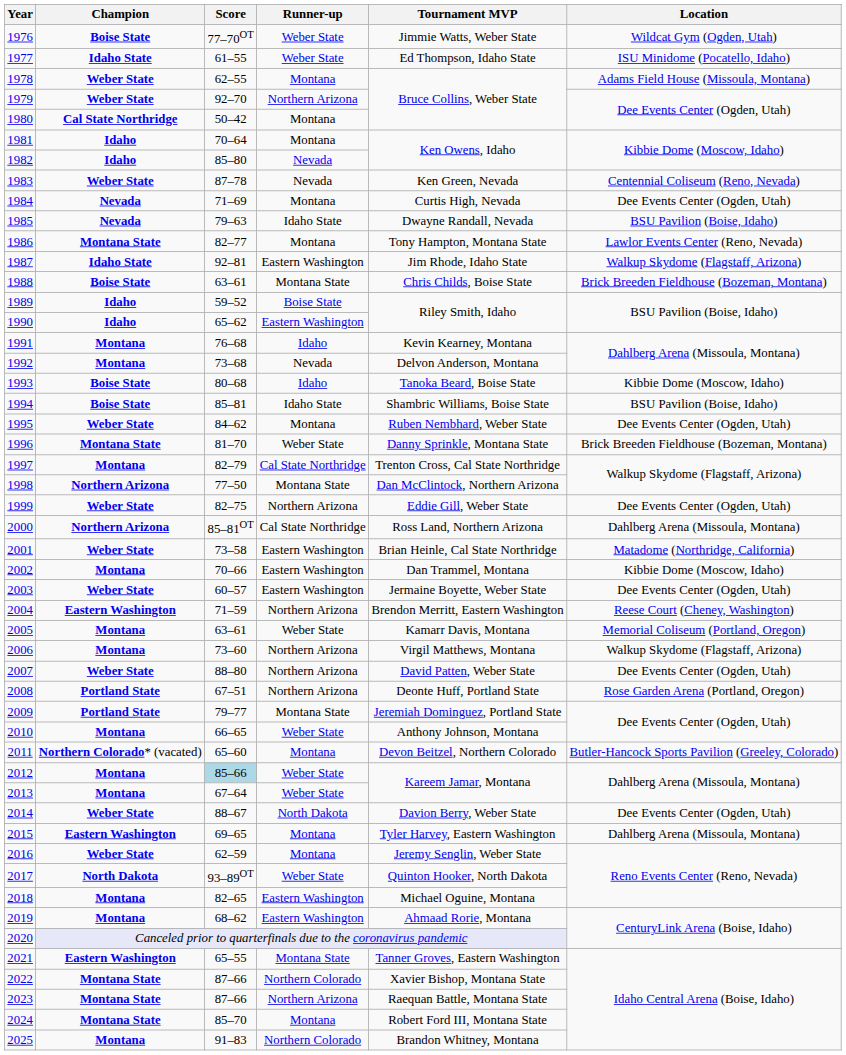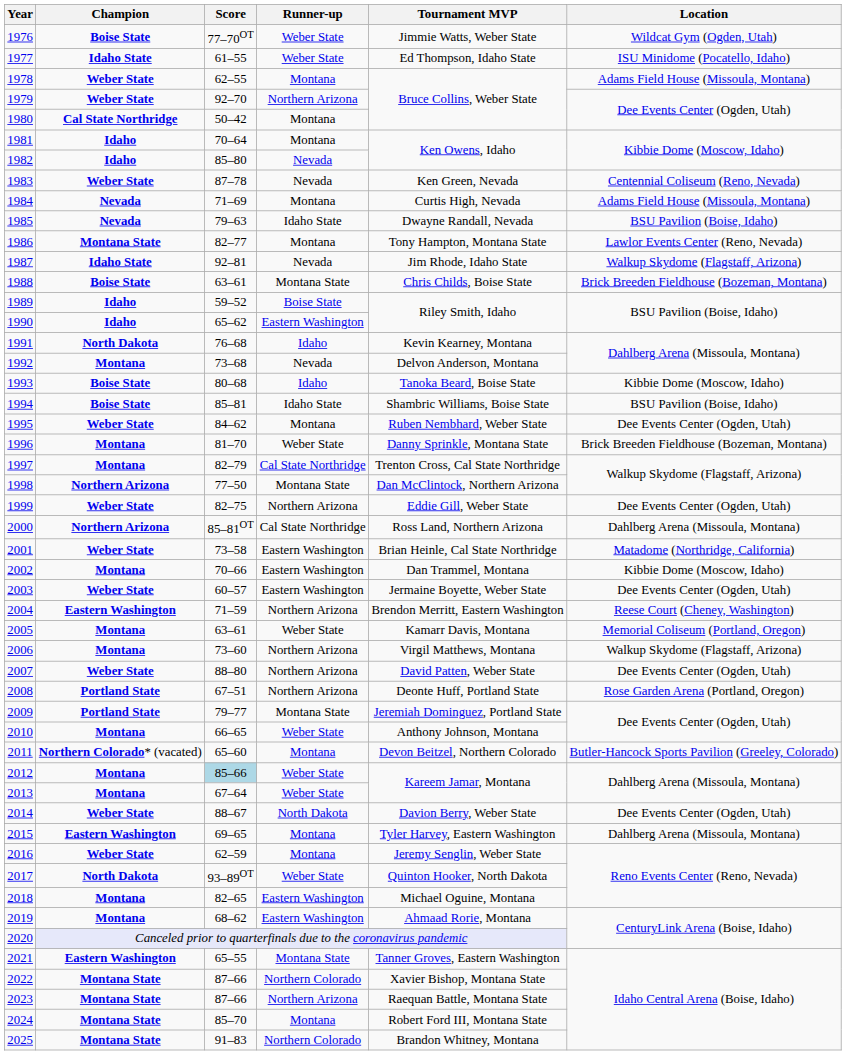 <table class="wikitable sortable" style="text-align:center">
 <tr>
 <th width=px>Year</th>
 <th width=px>Champion</th>
 <th width=px>Score</th>
 <th width=px>Runner-up</th>
 <th width=px>Tournament MVP</th>
 <th width=px>Location</th>
 </tr>
 <tr>
 <td><a href='#'>1976</a></td>
 <td><strong><a href='#'>Boise State</a></strong></td>
 <td>77–70<sup>OT</sup></td>
 <td><a href='#'>Weber State</a></td>
 <td>Jimmie Watts, Weber State</td>
 <td><a href='#'>Wildcat Gym</a> (<a href='#'>Ogden, Utah</a>)</td>
 </tr>
 <tr>
 <td><a href='#'>1977</a></td>
 <td><strong><a href='#'>Idaho State</a></strong></td>
 <td>61–55</td>
 <td><a href='#'>Weber State</a></td>
 <td>Ed Thompson, Idaho State</td>
 <td><a href='#'>ISU Minidome</a> (<a href='#'>Pocatello, Idaho</a>)</td>
 </tr>
 <tr>
 <td><a href='#'>1978</a></td>
 <td><strong><a href='#'>Weber State</a></strong></td>
 <td>62–55</td>
 <td><a href='#'>Montana</a></td>
 <td rowspan=3><a href='#'>Bruce Collins</a>, Weber State</td>
 <td><a href='#'>Adams Field House</a> (<a href='#'>Missoula, Montana</a>)</td>
 </tr>
 <tr>
 <td><a href='#'>1979</a></td>
 <td><strong><a href='#'>Weber State</a></strong></td>
 <td>92–70</td>
 <td><a href='#'>Northern Arizona</a><br></td>
 <td rowspan=2><a href='#'>Dee Events Center</a> (Ogden, Utah)</td>
 </tr>
 <tr>
 <td><a href='#'>1980</a></td>
 <td><strong><a href='#'>Cal State Northridge</a></strong></td>
 <td>50–42</td>
 <td>Montana<br></td>
 </tr>
 <tr>
 <td><a href='#'>1981</a></td>
 <td><strong><a href='#'>Idaho</a></strong></td>
 <td>70–64</td>
 <td>Montana</td>
 <td rowspan=2><a href='#'>Ken Owens</a>, Idaho</td>
 <td rowspan=2><a href='#'>Kibbie Dome</a> (<a href='#'>Moscow, Idaho</a>)</td>
 </tr>
 <tr>
 <td><a href='#'>1982</a></td>
 <td><strong><a href='#'>Idaho</a></strong></td>
 <td>85–80</td>
 <td><a href='#'>Nevada</a><br></td>
 </tr>
 <tr>
 <td><a href='#'>1983</a></td>
 <td><strong><a href='#'>Weber State</a></strong></td>
 <td>87–78</td>
 <td>Nevada</td>
 <td>Ken Green, Nevada</td>
 <td><a href='#'>Centennial Coliseum</a> (<a href='#'>Reno, Nevada</a>)</td>
 </tr>
 <tr>
 <td><a href='#'>1984</a></td>
 <td><strong><a href='#'>Nevada</a></strong></td>
 <td>71–69</td>
 <td>Montana</td>
 <td>Curtis High, Nevada</td>
-<td>Dee Events Center (Ogden, Utah)</td>
+<td><a href='#'>Adams Field House</a> (<a href='#'>Missoula, Montana</a>)</td>
 </tr>
 <tr>
 <td><a href='#'>1985</a></td>
 <td><strong><a href='#'>Nevada</a></strong></td>
 <td>79–63</td>
 <td>Idaho State</td>
 <td>Dwayne Randall, Nevada</td>
 <td><a href='#'>BSU Pavilion</a> (<a href='#'>Boise, Idaho</a>)</td>
 </tr>
 <tr>
 <td><a href='#'>1986</a></td>
 <td><strong><a href='#'>Montana State</a></strong></td>
 <td>82–77</td>
 <td>Montana</td>
 <td>Tony Hampton, Montana State</td>
 <td><a href='#'>Lawlor Events Center</a> (Reno, Nevada)</td>
 </tr>
 <tr>
 <td><a href='#'>1987</a></td>
 <td><strong><a href='#'>Idaho State</a></strong></td>
 <td>92–81</td>
-<td>Eastern Washington</td>
+<td>Nevada</td>
 <td>Jim Rhode, Idaho State</td>
 <td><a href='#'>Walkup Skydome</a> (<a href='#'>Flagstaff, Arizona</a>)</td>
 </tr>
 <tr>
 <td><a href='#'>1988</a></td>
 <td><strong><a href='#'>Boise State</a></strong></td>
 <td>63–61</td>
 <td>Montana State</td>
 <td><a href='#'>Chris Childs</a>, Boise State</td>
 <td><a href='#'>Brick Breeden Fieldhouse</a> (<a href='#'>Bozeman, Montana</a>)</td>
 </tr>
 <tr>
 <td><a href='#'>1989</a></td>
 <td><strong><a href='#'>Idaho</a></strong></td>
 <td>59–52</td>
 <td><a href='#'>Boise State</a></td>
 <td rowspan=2>Riley Smith, Idaho</td>
 <td rowspan=2>BSU Pavilion (Boise, Idaho)</td>
 </tr>
 <tr>
 <td><a href='#'>1990</a></td>
 <td><strong><a href='#'>Idaho</a></strong></td>
 <td>65–62</td>
 <td><a href='#'>Eastern Washington</a><br></td>
 </tr>
 <tr>
 <td><a href='#'>1991</a></td>
-<td><strong><a href='#'>Montana</a></strong></td>
+<td><strong><a href='#'>North Dakota</a></strong></td>
 <td>76–68</td>
 <td><a href='#'>Idaho</a></td>
 <td>Kevin Kearney, Montana</td>
 <td rowspan=2><a href='#'>Dahlberg Arena</a> (Missoula, Montana)</td>
 </tr>
 <tr>
 <td><a href='#'>1992</a></td>
 <td><strong><a href='#'>Montana</a></strong></td>
 <td>73–68</td>
 <td>Nevada</td>
 <td>Delvon Anderson, Montana</td>
 </tr>
 <tr>
 <td><a href='#'>1993</a></td>
 <td><strong><a href='#'>Boise State</a></strong></td>
 <td>80–68</td>
 <td><a href='#'>Idaho</a></td>
 <td><a href='#'>Tanoka Beard</a>, Boise State</td>
 <td>Kibbie Dome (Moscow, Idaho)</td>
 </tr>
 <tr>
 <td><a href='#'>1994</a></td>
 <td><strong><a href='#'>Boise State</a></strong></td>
 <td>85–81</td>
 <td>Idaho State</td>
 <td>Shambric Williams, Boise State</td>
 <td>BSU Pavilion (Boise, Idaho)</td>
 </tr>
 <tr>
 <td><a href='#'>1995</a></td>
 <td><strong><a href='#'>Weber State</a></strong></td>
 <td>84–62</td>
 <td>Montana</td>
 <td><a href='#'>Ruben Nembhard</a>, Weber State</td>
 <td>Dee Events Center (Ogden, Utah)</td>
 </tr>
 <tr>
 <td><a href='#'>1996</a></td>
-<td><strong><a href='#'>Montana State</a></strong></td>
+<td><strong><a href='#'>Montana</a></strong></td>
 <td>81–70</td>
 <td>Weber State</td>
 <td><a href='#'>Danny Sprinkle</a>, Montana State</td>
 <td>Brick Breeden Fieldhouse (Bozeman, Montana)</td>
 </tr>
 <tr>
 <td><a href='#'>1997</a></td>
 <td><strong><a href='#'>Montana</a></strong></td>
 <td>82–79</td>
 <td><a href='#'>Cal State Northridge</a></td>
 <td>Trenton Cross, Cal State Northridge</td>
 <td rowspan=2>Walkup Skydome (Flagstaff, Arizona)</td>
 </tr>
 <tr>
 <td><a href='#'>1998</a></td>
 <td><strong><a href='#'>Northern Arizona</a></strong></td>
 <td>77–50</td>
 <td>Montana State</td>
 <td><a href='#'>Dan McClintock</a>, Northern Arizona</td>
 </tr>
 <tr>
 <td><a href='#'>1999</a></td>
 <td><strong><a href='#'>Weber State</a></strong></td>
 <td>82–75</td>
 <td>Northern Arizona</td>
 <td><a href='#'>Eddie Gill</a>, Weber State</td>
 <td>Dee Events Center (Ogden, Utah)</td>
 </tr>
 <tr>
 <td><a href='#'>2000</a></td>
 <td><strong><a href='#'>Northern Arizona</a></strong></td>
 <td>85–81<sup>OT</sup></td>
 <td>Cal State Northridge</td>
 <td>Ross Land, Northern Arizona</td>
 <td>Dahlberg Arena (Missoula, Montana)</td>
 </tr>
 <tr>
 <td><a href='#'>2001</a></td>
 <td><strong><a href='#'>Weber State</a></strong></td>
 <td>73–58</td>
 <td>Eastern Washington</td>
 <td>Brian Heinle, Cal State Northridge</td>
 <td><a href='#'>Matadome</a> (<a href='#'>Northridge, California</a>)</td>
 </tr>
 <tr>
 <td><a href='#'>2002</a></td>
 <td><strong><a href='#'>Montana</a></strong></td>
 <td>70–66</td>
 <td>Eastern Washington</td>
 <td>Dan Trammel, Montana</td>
 <td>Kibbie Dome (Moscow, Idaho)</td>
 </tr>
 <tr>
 <td><a href='#'>2003</a></td>
 <td><strong><a href='#'>Weber State</a></strong></td>
 <td>60–57</td>
 <td>Eastern Washington</td>
 <td>Jermaine Boyette, Weber State</td>
 <td>Dee Events Center (Ogden, Utah)</td>
 </tr>
 <tr>
 <td><a href='#'>2004</a></td>
 <td><strong><a href='#'>Eastern Washington</a></strong></td>
 <td>71–59</td>
 <td>Northern Arizona</td>
 <td>Brendon Merritt, Eastern Washington</td>
 <td><a href='#'>Reese Court</a> (<a href='#'>Cheney, Washington</a>)</td>
 </tr>
 <tr>
 <td><a href='#'>2005</a></td>
 <td><strong><a href='#'>Montana</a></strong></td>
 <td>63–61</td>
 <td>Weber State</td>
 <td>Kamarr Davis, Montana</td>
 <td><a href='#'>Memorial Coliseum</a> (<a href='#'>Portland, Oregon</a>)</td>
 </tr>
 <tr>
 <td><a href='#'>2006</a></td>
 <td><strong><a href='#'>Montana</a></strong></td>
 <td>73–60</td>
 <td>Northern Arizona</td>
 <td>Virgil Matthews, Montana</td>
 <td>Walkup Skydome (Flagstaff, Arizona)</td>
 </tr>
 <tr>
 <td><a href='#'>2007</a></td>
 <td><strong><a href='#'>Weber State</a></strong></td>
 <td>88–80</td>
 <td>Northern Arizona</td>
 <td><a href='#'>David Patten</a>, Weber State</td>
 <td>Dee Events Center (Ogden, Utah)</td>
 </tr>
 <tr>
 <td><a href='#'>2008</a></td>
 <td><strong><a href='#'>Portland State</a></strong></td>
 <td>67–51</td>
 <td>Northern Arizona</td>
 <td>Deonte Huff, Portland State</td>
 <td><a href='#'>Rose Garden Arena</a> (Portland, Oregon)</td>
 </tr>
 <tr>
 <td><a href='#'>2009</a></td>
 <td><strong><a href='#'>Portland State</a></strong></td>
 <td>79–77</td>
 <td>Montana State</td>
 <td><a href='#'>Jeremiah Dominguez</a>, Portland State</td>
 <td rowspan=2>Dee Events Center (Ogden, Utah)</td>
 </tr>
 <tr>
 <td><a href='#'>2010</a></td>
 <td><strong><a href='#'>Montana</a></strong></td>
 <td>66–65</td>
 <td><a href='#'>Weber State</a></td>
 <td>Anthony Johnson, Montana</td>
 </tr>
 <tr>
 <td><a href='#'>2011</a></td>
 <td><strong><a href='#'>Northern Colorado</a></strong>* (vacated)</td>
 <td>65–60</td>
 <td><a href='#'>Montana</a></td>
 <td><a href='#'>Devon Beitzel</a>, Northern Colorado</td>
 <td><a href='#'>Butler-Hancock Sports Pavilion</a> (<a href='#'>Greeley, Colorado</a>)</td>
 </tr>
 <tr>
 <td><a href='#'>2012</a></td>
 <td><strong><a href='#'>Montana</a></strong></td>
 <td style="background: lightblue;">85–66</td>
 <td><a href='#'>Weber State</a></td>
 <td rowspan=2><a href='#'>Kareem Jamar</a>, Montana</td>
 <td rowspan=2>Dahlberg Arena (Missoula, Montana)</td>
 </tr>
 <tr>
 <td><a href='#'>2013</a></td>
 <td><strong><a href='#'>Montana</a></strong></td>
 <td>67–64</td>
 <td><a href='#'>Weber State</a><br></td>
 </tr>
 <tr>
 <td><a href='#'>2014</a></td>
 <td><strong><a href='#'>Weber State</a></strong></td>
 <td>88–67</td>
 <td><a href='#'>North Dakota</a></td>
 <td><a href='#'>Davion Berry</a>, Weber State</td>
 <td>Dee Events Center (Ogden, Utah)</td>
 </tr>
 <tr>
 <td><a href='#'>2015</a></td>
 <td><strong><a href='#'>Eastern Washington</a></strong></td>
 <td>69–65</td>
 <td><a href='#'>Montana</a></td>
 <td><a href='#'>Tyler Harvey</a>, Eastern Washington</td>
 <td>Dahlberg Arena (Missoula, Montana)</td>
 </tr>
 <tr>
 <td><a href='#'>2016</a></td>
 <td><strong><a href='#'>Weber State</a></strong></td>
 <td>62–59</td>
 <td><a href='#'>Montana</a></td>
 <td><a href='#'>Jeremy Senglin</a>, Weber State</td>
 <td rowspan=3><a href='#'>Reno Events Center</a> (Reno, Nevada)</td>
 </tr>
 <tr>
 <td><a href='#'>2017</a></td>
 <td><strong><a href='#'>North Dakota</a></strong></td>
 <td>93–89<sup>OT</sup></td>
 <td><a href='#'>Weber State</a></td>
 <td><a href='#'>Quinton Hooker</a>, North Dakota</td>
 </tr>
 <tr>
 <td><a href='#'>2018</a></td>
 <td><strong><a href='#'>Montana</a></strong></td>
 <td>82–65</td>
 <td><a href='#'>Eastern Washington</a></td>
 <td>Michael Oguine, Montana</td>
 </tr>
 <tr>
 <td><a href='#'>2019</a></td>
 <td><strong><a href='#'>Montana</a></strong></td>
 <td>68–62</td>
 <td><a href='#'>Eastern Washington</a></td>
 <td><a href='#'>Ahmaad Rorie</a>, Montana</td>
 <td rowspan=2><a href='#'>CenturyLink Arena</a> (Boise, Idaho)</td>
 </tr>
 <tr>
 <td><a href='#'>2020</a></td>
 <td colspan="4" style="background:#E6E8FA;" align=center><em>Canceled prior to quarterfinals due to the <a href='#'>coronavirus pandemic</a></em></td>
 </tr>
 <tr>
 <td><a href='#'>2021</a></td>
 <td><strong><a href='#'>Eastern Washington</a></strong></td>
 <td>65–55</td>
 <td><a href='#'>Montana State</a></td>
 <td><a href='#'>Tanner Groves</a>, Eastern Washington</td>
 <td rowspan=5><a href='#'>Idaho Central Arena</a> (Boise, Idaho)</td>
 </tr>
 <tr>
 <td><a href='#'>2022</a></td>
 <td><strong><a href='#'>Montana State</a></strong></td>
 <td>87–66</td>
 <td><a href='#'>Northern Colorado</a></td>
 <td>Xavier Bishop, Montana State</td>
 </tr>
 <tr>
 <td><a href='#'>2023</a></td>
 <td><strong><a href='#'>Montana State</a></strong></td>
 <td>87–66</td>
 <td><a href='#'>Northern Arizona</a></td>
 <td>Raequan Battle, Montana State</td>
 </tr>
 <tr>
 <td><a href='#'>2024</a></td>
 <td><strong><a href='#'>Montana State</a></strong></td>
 <td>85–70</td>
 <td><a href='#'>Montana</a></td>
 <td>Robert Ford III, Montana State</td>
 </tr>
 <tr>
 <td><a href='#'>2025</a></td>
-<td><strong><a href='#'>Montana</a></strong></td>
+<td><strong><a href='#'>Montana State</a></strong></td>
 <td>91–83</td>
 <td><a href='#'>Northern Colorado</a></td>
 <td>Brandon Whitney, Montana</td>
 </tr>
 </table>
